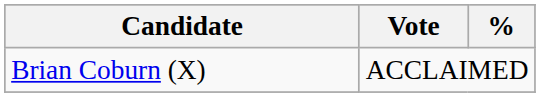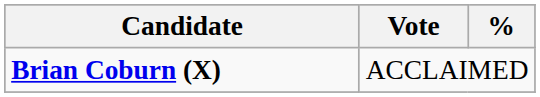 <table class="wikitable">
 <tr>
 <th bgcolor="#DDDDFF" width="200px">Candidate</th>
 <th bgcolor="#DDDDFF">Vote</th>
 <th bgcolor="#DDDDFF">%</th>
 </tr>
 <tr>
-<td><a href='#'>Brian Coburn</a> (X)</td>
+<td><strong><a href='#'>Brian Coburn</a> (X)</strong></td>
 <td colspan="2" align="center">ACCLAIMED</td>
 </tr>
 </table>
